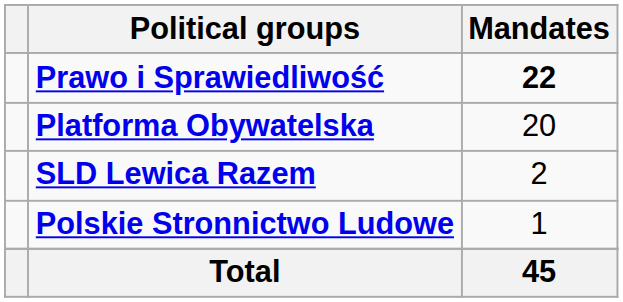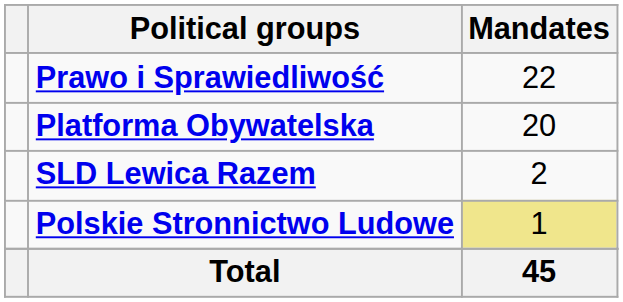 <table class="wikitable">
 <tr>
 <th width=5></th>
 <th>Political groups</th>
 <th>Mandates</th>
 </tr>
 <tr>
 <td style="background:"></td>
 <td><strong><a href='#'>Prawo i Sprawiedliwość</a></strong></td>
-<td align="center"><strong>22</strong></td>
+<td align="center">22</td>
 </tr>
 <tr>
 <td style="background:"></td>
 <td><strong><a href='#'>Platforma Obywatelska</a></strong></td>
 <td align="center">20</td>
 </tr>
 <tr>
 <td style="background:"></td>
 <td><strong><a href='#'>SLD Lewica Razem</a></strong></td>
 <td align="center">2</td>
 </tr>
 <tr>
 <td style="background:"></td>
 <td><strong><a href='#'>Polskie Stronnictwo Ludowe</a></strong></td>
-<td align="center">1</td>
+<td align="center" style="background: khaki;">1</td>
 </tr>
 <tr>
 </tr>
 <tr bgcolor="#ececec">
 <th></th>
 <th>Total</th>
 <th align="center">45</th>
 </tr>
 </table>
